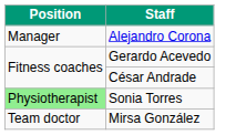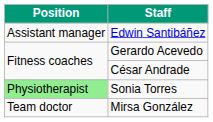 <table class="wikitable">
 <tr>
 <th style=background-color:#009977;color:White>Position</th>
 <th style=background-color:#009977;color:White>Staff</th>
 </tr>
 <tr>
-<td>Manager</td>
-<td> <a href='#'>Alejandro Corona</a></td>
+<td>Assistant manager</td>
+<td> <a href='#'>Edwin Santibáñez</a></td>
 </tr>
 <tr>
 <td rowspan ="2">Fitness coaches</td>
 <td> Gerardo Acevedo</td>
 </tr>
 <tr>
 <td> César Andrade</td>
 </tr>
 <tr>
 <td style="background: lightgreen;">Physiotherapist</td>
 <td> Sonia Torres</td>
 </tr>
 <tr>
 <td>Team doctor</td>
 <td> Mirsa González</td>
 </tr>
 </table>
